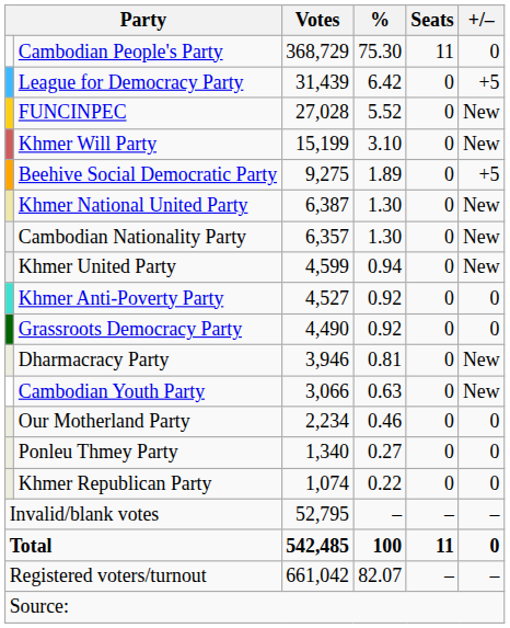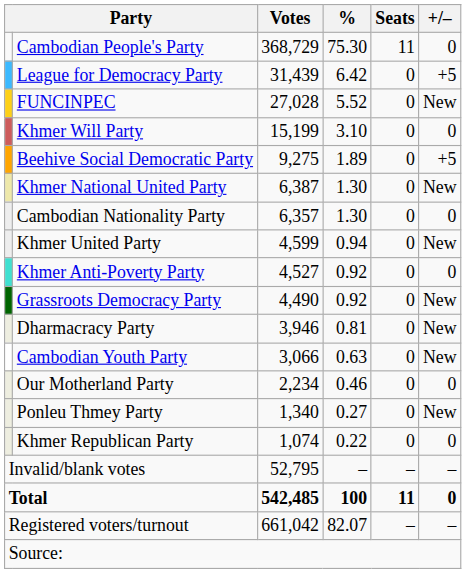 <table class=wikitable style=text-align:right>
 <tr>
 <th colspan=2>Party</th>
 <th>Votes</th>
 <th>%</th>
 <th>Seats</th>
 <th>+/–</th>
 </tr>
 <tr>
 <td style="background:"></td>
 <td align=left><a href='#'>Cambodian People's Party</a></td>
 <td>368,729</td>
 <td>75.30</td>
 <td>11</td>
 <td>0</td>
 </tr>
 <tr>
 <td style="background:#3BB9FF"></td>
 <td align=left><a href='#'>League for Democracy Party</a></td>
 <td>31,439</td>
 <td>6.42</td>
 <td>0</td>
 <td>+5</td>
 </tr>
 <tr>
 <td bgcolor=#FDD017></td>
 <td align=left><a href='#'>FUNCINPEC</a></td>
 <td>27,028</td>
 <td>5.52</td>
 <td>0</td>
 <td>New</td>
 </tr>
 <tr>
 <td bgcolor=#CD5C5C></td>
 <td align=left><a href='#'>Khmer Will Party</a></td>
 <td>15,199</td>
 <td>3.10</td>
 <td>0</td>
-<td>New</td>
+<td>0</td>
 </tr>
 <tr>
 <td bgcolor=#FFA500></td>
 <td align=left><a href='#'>Beehive Social Democratic Party</a></td>
 <td>9,275</td>
 <td>1.89</td>
 <td>0</td>
 <td>+5</td>
 </tr>
 <tr>
 <td bgcolor=#EEE8AA></td>
 <td align=left><a href='#'>Khmer National United Party</a></td>
 <td>6,387</td>
 <td>1.30</td>
 <td>0</td>
 <td>New</td>
 </tr>
 <tr>
 <td bgcolor=#EEEEEE></td>
 <td align=left>Cambodian Nationality Party</td>
 <td>6,357</td>
 <td>1.30</td>
 <td>0</td>
-<td>New</td>
+<td>0</td>
 </tr>
 <tr>
 <td bgcolor=#EEEEEE></td>
 <td align=left>Khmer United Party</td>
 <td>4,599</td>
 <td>0.94</td>
 <td>0</td>
 <td>New</td>
 </tr>
 <tr>
 <td bgcolor=#40E0D0></td>
 <td align=left><a href='#'>Khmer Anti-Poverty Party</a></td>
 <td>4,527</td>
 <td>0.92</td>
 <td>0</td>
 <td>0</td>
 </tr>
 <tr>
 <td bgcolor=#006400></td>
 <td align=left><a href='#'>Grassroots Democracy Party</a></td>
 <td>4,490</td>
 <td>0.92</td>
 <td>0</td>
-<td>0</td>
+<td>New</td>
 </tr>
 <tr>
 <td bgcolor=#EEEEE></td>
 <td align=left>Dharmacracy Party</td>
 <td>3,946</td>
 <td>0.81</td>
 <td>0</td>
 <td>New</td>
 </tr>
 <tr>
 <td bgcolor=#FFFFFF></td>
 <td align=left><a href='#'>Cambodian Youth Party</a></td>
 <td>3,066</td>
 <td>0.63</td>
 <td>0</td>
 <td>New</td>
 </tr>
 <tr>
 <td bgcolor=#EEEEE></td>
 <td align=left>Our Motherland Party</td>
 <td>2,234</td>
 <td>0.46</td>
 <td>0</td>
 <td>0</td>
 </tr>
 <tr>
 <td bgcolor=#EEEEE></td>
 <td align=left>Ponleu Thmey Party</td>
 <td>1,340</td>
 <td>0.27</td>
 <td>0</td>
-<td>0</td>
+<td>New</td>
 </tr>
 <tr>
 <td bgcolor=#EEEEE></td>
 <td align=left>Khmer Republican Party</td>
 <td>1,074</td>
 <td>0.22</td>
 <td>0</td>
 <td>0</td>
 </tr>
 <tr>
 <td colspan=2 align=left>Invalid/blank votes</td>
 <td>52,795</td>
 <td>–</td>
 <td>–</td>
 <td>–</td>
 </tr>
 <tr>
 <td colspan=2 align=left><strong>Total</strong></td>
 <td><strong>542,485</strong></td>
 <td><strong>100</strong></td>
 <td><strong>11</strong></td>
 <td><strong>0</strong></td>
 </tr>
 <tr>
 <td colspan=2 align=left>Registered voters/turnout</td>
 <td>661,042</td>
 <td>82.07</td>
 <td>–</td>
 <td>–</td>
 </tr>
 <tr>
 <td colspan=6 align=left>Source: </td>
 </tr>
 </table>
